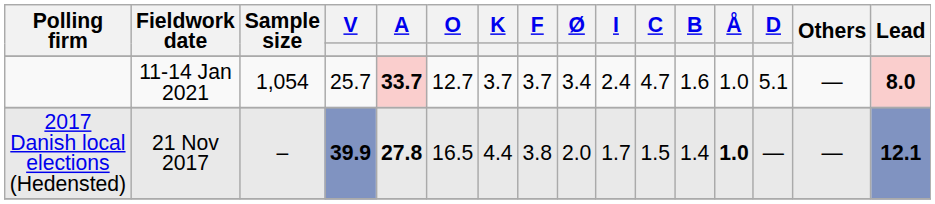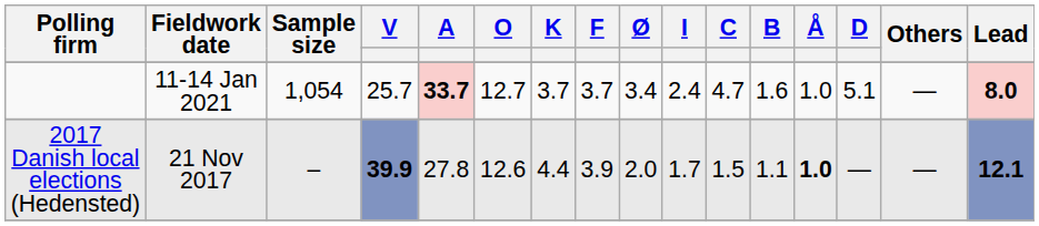 <table class="wikitable sortable mw-datatable" style="text-align:center;font-size:90%;line-height:14px;">
 <tr>
 <th rowspan="2">Polling<br>firm</th>
 <th rowspan="2">Fieldwork<br>date</th>
 <th rowspan="2">Sample<br>size</th>
 <th class="unsortable" style="width:40px;"><a href='#'>V</a></th>
 <th class="unsortable" style="width:40px;"><a href='#'>A</a></th>
 <th class="unsortable" style="width:40px;"><a href='#'>O</a></th>
 <th class="unsortable" style="width:40px;"><a href='#'>K</a></th>
 <th class="unsortable" style="width:40px;"><a href='#'>F</a></th>
 <th class="unsortable" style="width:40px;"><a href='#'>Ø</a></th>
 <th class="unsortable" style="width:40px;"><a href='#'>I</a></th>
 <th class="unsortable" style="width:40px;"><a href='#'>C</a></th>
 <th class="unsortable" style="width:40px;"><a href='#'>B</a></th>
 <th class="unsortable" style="width:40px;"><a href='#'>Å</a></th>
 <th class="unsortable" style="width:40px;"><a href='#'>D</a></th>
 <th class="unsortable" style="width:40px;" rowspan="2">Others</th>
 <th rowspan="2">Lead</th>
 </tr>
 <tr>
 <th data-sort-type="number" style="background:"></th>
 <th data-sort-type="number" style="background:"></th>
 <th data-sort-type="number" style="background:"></th>
 <th data-sort-type="number" style="background:"></th>
 <th data-sort-type="number" style="background:"></th>
 <th data-sort-type="number" style="background:"></th>
 <th data-sort-type="number" style="background:"></th>
 <th data-sort-type="number" style="background:"></th>
 <th data-sort-type="number" style="background:"></th>
 <th data-sort-type="number" style="background:"></th>
 <th data-sort-type="number" style="background:"></th>
 </tr>
 <tr>
 </tr>
 <tr>
 <td></td>
 <td>11-14 Jan 2021</td>
 <td>1,054</td>
 <td>25.7</td>
 <td style="background:#FACECD;"><strong>33.7</strong></td>
 <td>12.7</td>
 <td>3.7</td>
 <td>3.7</td>
 <td>3.4</td>
 <td>2.4</td>
 <td>4.7</td>
 <td>1.6</td>
 <td>1.0</td>
 <td>5.1</td>
 <td>—</td>
 <td style="background:#FACECD;"><strong>8.0</strong></td>
 </tr>
 <tr>
 </tr>
 <tr>
 <td style="background:#E9E9E9;"><a href='#'>2017 Danish local elections</a> (Hedensted)</td>
 <td style="background:#E9E9E9;" data-sort-value="2017-11-21">21 Nov 2017</td>
 <td style="background:#E9E9E9;">–</td>
 <td style="background:#8093C1;"><strong>39.9</strong></td>
-<td style="background:#E9E9E9;"><strong>27.8</strong></td>
-<td style="background:#E9E9E9;">16.5</td>
+<td style="background:#E9E9E9;">27.8</td>
+<td style="background:#E9E9E9;">12.6</td>
 <td style="background:#E9E9E9;">4.4</td>
-<td style="background:#E9E9E9;">3.8</td>
+<td style="background:#E9E9E9;">3.9</td>
 <td style="background:#E9E9E9;">2.0</td>
 <td style="background:#E9E9E9;">1.7</td>
 <td style="background:#E9E9E9;">1.5</td>
-<td style="background:#E9E9E9;">1.4</td>
+<td style="background:#E9E9E9;">1.1</td>
 <td style="background:#E9E9E9;"><strong>1.0</strong></td>
 <td style="background:#E9E9E9;">—</td>
 <td style="background:#E9E9E9;">—</td>
 <td style="background:#8093C1;"><strong>12.1</strong></td>
 </tr>
 <tr>
 </tr>
 </table>
